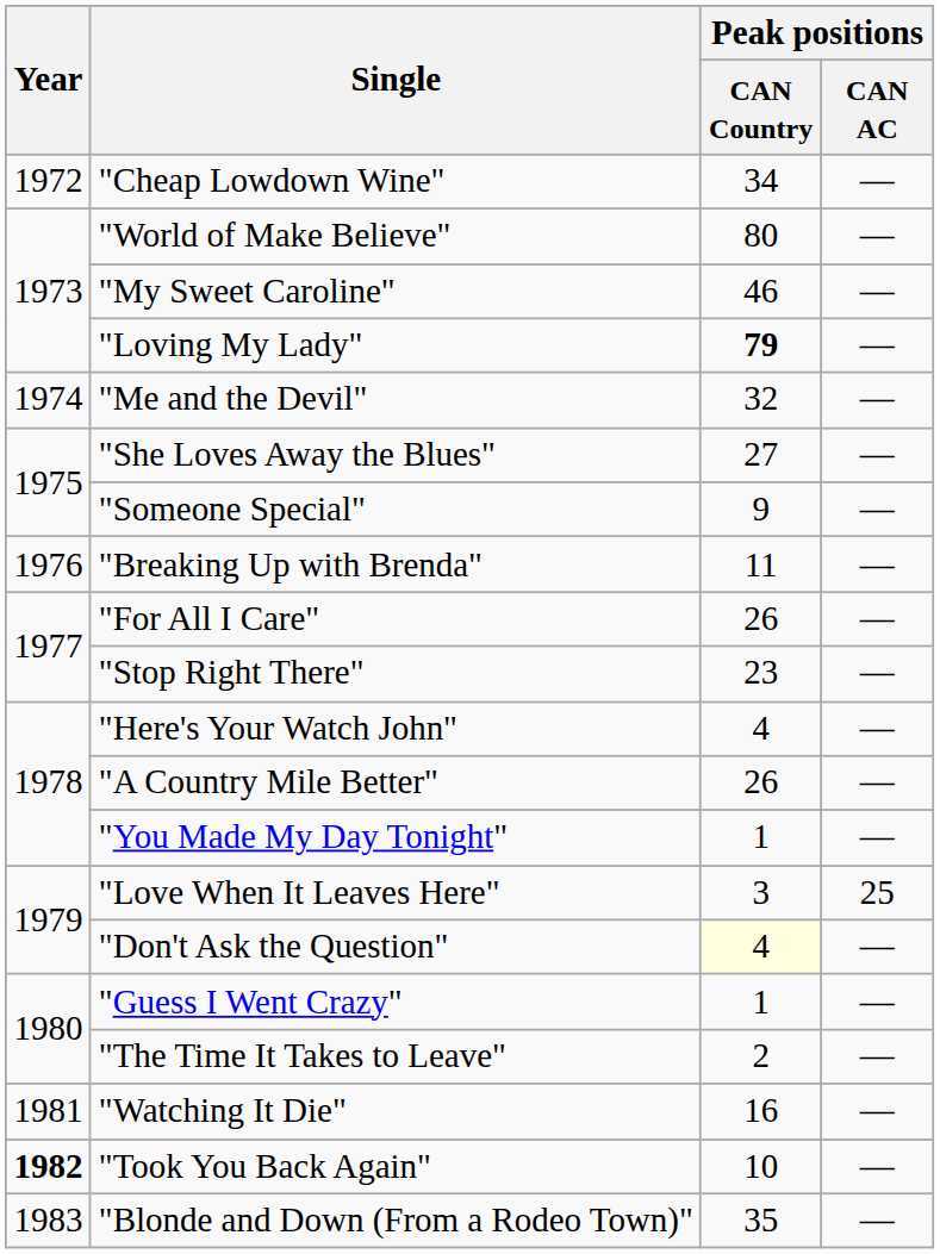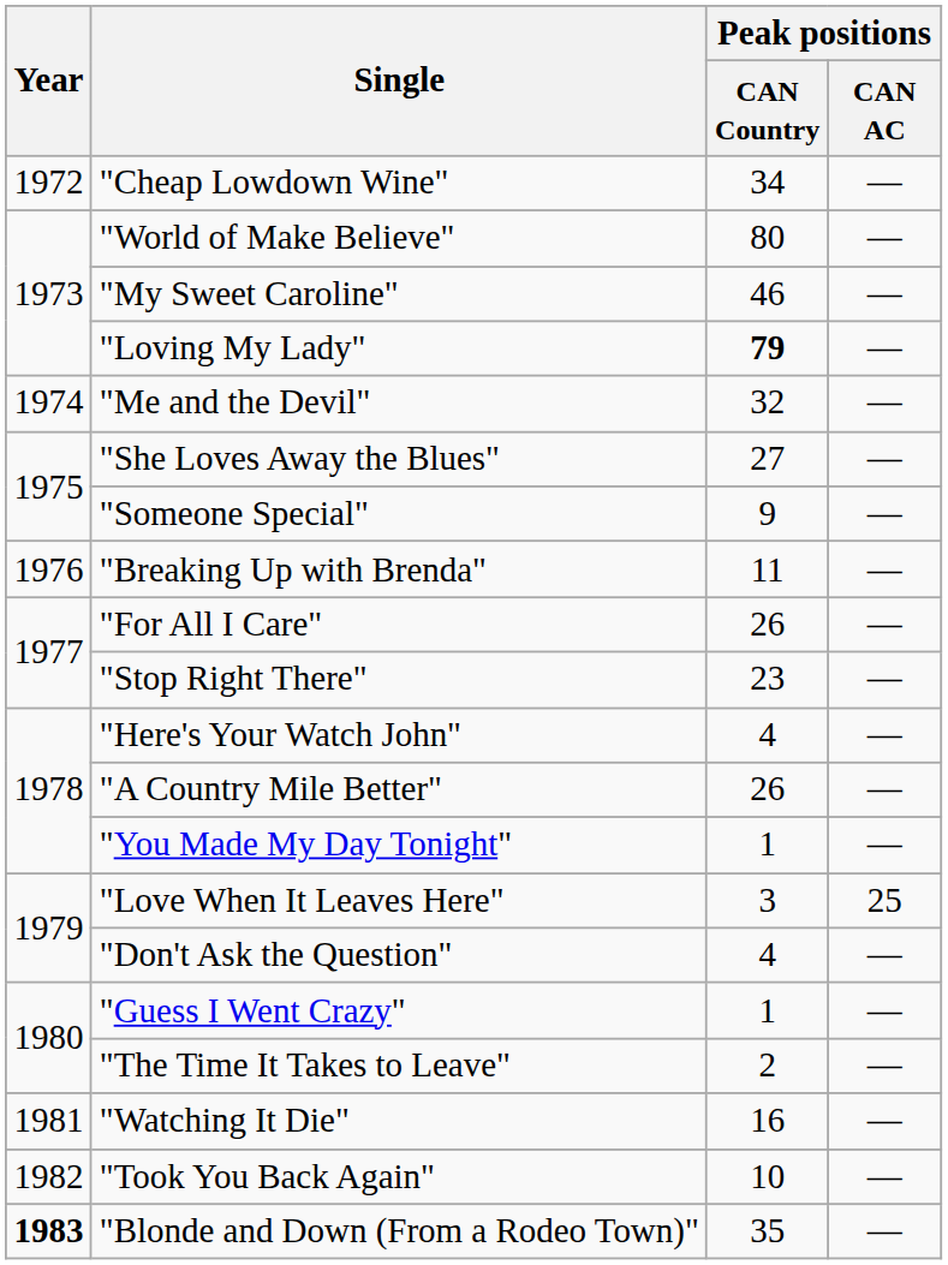 <table class="wikitable">
 <tr>
 <th rowspan="2">Year</th>
 <th rowspan="2">Single</th>
 <th colspan="2">Peak positions</th>
 </tr>
 <tr>
 <th width="45"><small>CAN Country</small></th>
 <th width="45"><small>CAN AC</small></th>
 </tr>
 <tr>
 <td>1972</td>
 <td>"Cheap Lowdown Wine"</td>
 <td align="center">34</td>
 <td align="center">—</td>
 </tr>
 <tr>
 <td rowspan="3">1973</td>
 <td>"World of Make Believe"</td>
 <td align="center">80</td>
 <td align="center">—</td>
 </tr>
 <tr>
 <td>"My Sweet Caroline"</td>
 <td align="center">46</td>
 <td align="center">—</td>
 </tr>
 <tr>
 <td>"Loving My Lady"</td>
 <td align="center"><strong>79</strong></td>
 <td align="center">—</td>
 </tr>
 <tr>
 <td>1974</td>
 <td>"Me and the Devil"</td>
 <td align="center">32</td>
 <td align="center">—</td>
 </tr>
 <tr>
 <td rowspan="2">1975</td>
 <td>"She Loves Away the Blues"</td>
 <td align="center">27</td>
 <td align="center">—</td>
 </tr>
 <tr>
 <td>"Someone Special"</td>
 <td align="center">9</td>
 <td align="center">—</td>
 </tr>
 <tr>
 <td>1976</td>
 <td>"Breaking Up with Brenda"</td>
 <td align="center">11</td>
 <td align="center">—</td>
 </tr>
 <tr>
 <td rowspan="2">1977</td>
 <td>"For All I Care"</td>
 <td align="center">26</td>
 <td align="center">—</td>
 </tr>
 <tr>
 <td>"Stop Right There"</td>
 <td align="center">23</td>
 <td align="center">—</td>
 </tr>
 <tr>
 <td rowspan="3">1978</td>
 <td>"Here's Your Watch John"</td>
 <td align="center">4</td>
 <td align="center">—</td>
 </tr>
 <tr>
 <td>"A Country Mile Better"</td>
 <td align="center">26</td>
 <td align="center">—</td>
 </tr>
 <tr>
 <td>"<a href='#'>You Made My Day Tonight</a>"</td>
 <td align="center">1</td>
 <td align="center">—</td>
 </tr>
 <tr>
 <td rowspan="2">1979</td>
 <td>"Love When It Leaves Here"</td>
 <td align="center">3</td>
 <td align="center">25</td>
 </tr>
 <tr>
 <td>"Don't Ask the Question"</td>
-<td align="center" style="background: lightyellow;">4</td>
+<td align="center">4</td>
 <td align="center">—</td>
 </tr>
 <tr>
 <td rowspan="2">1980</td>
 <td>"<a href='#'>Guess I Went Crazy</a>"</td>
 <td align="center">1</td>
 <td align="center">—</td>
 </tr>
 <tr>
 <td>"The Time It Takes to Leave"</td>
 <td align="center">2</td>
 <td align="center">—</td>
 </tr>
 <tr>
 <td>1981</td>
 <td>"Watching It Die"</td>
 <td align="center">16</td>
 <td align="center">—</td>
 </tr>
 <tr>
-<td><strong>1982</strong></td>
+<td>1982</td>
 <td>"Took You Back Again"</td>
 <td align="center">10</td>
 <td align="center">—</td>
 </tr>
 <tr>
-<td>1983</td>
+<td><strong>1983</strong></td>
 <td>"Blonde and Down (From a Rodeo Town)"</td>
 <td align="center">35</td>
 <td align="center">—</td>
 </tr>
 </table>
